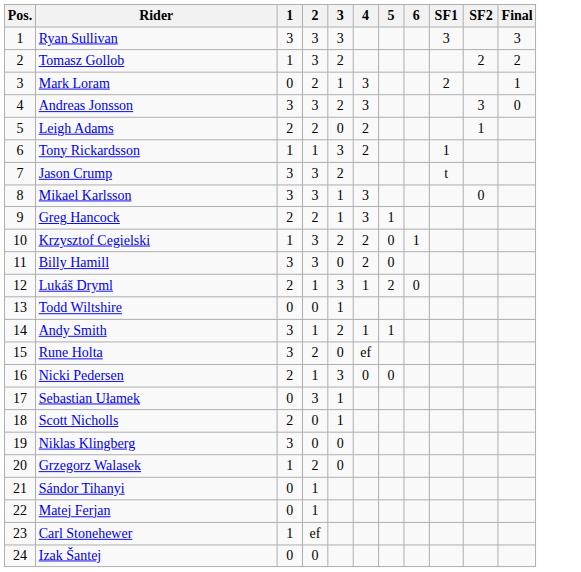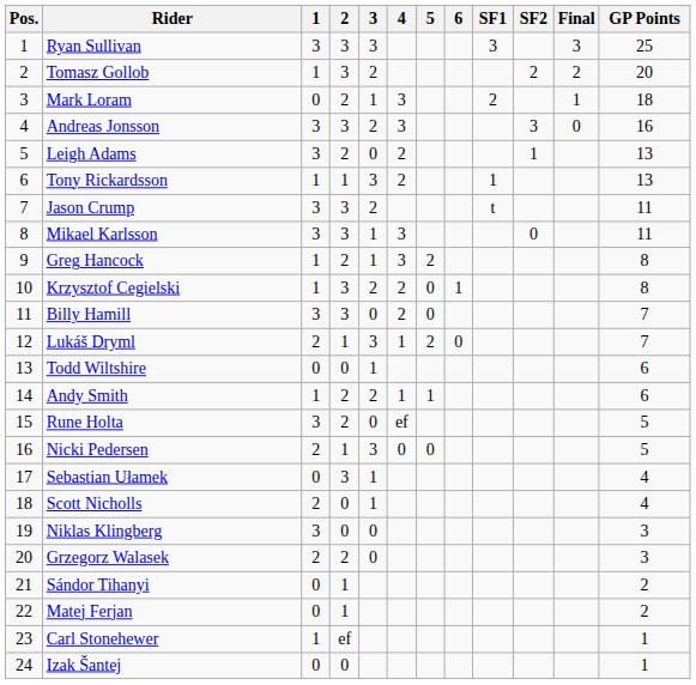 <table class=wikitable style="font-size:93%;">
 <tr>
 <th width=25px>Pos.</th>
 <th width=250px>Rider</th>
 <th width=20px>1</th>
 <th width=20px>2</th>
 <th width=20px>3</th>
 <th width=20px>4</th>
 <th width=20px>5</th>
 <th width=20px>6</th>
 <th width=30px>SF1</th>
 <th width=30px>SF2</th>
 <th width=30px>Final</th>
+<th width=80px>GP Points</th>
 </tr>
 <tr align=center style="background-color:">
 <td>1</td>
 <td align=left> <a href='#'>Ryan Sullivan</a></td>
 <td>3</td>
 <td>3</td>
 <td>3</td>
 <td></td>
 <td></td>
 <td></td>
 <td>  3</td>
 <td></td>
 <td>3</td>
+<td>25</td>
 </tr>
 <tr align=center style="background-color:">
 <td>2</td>
 <td align=left> <a href='#'>Tomasz Gollob</a></td>
 <td>1</td>
 <td>3</td>
 <td>2</td>
 <td></td>
 <td></td>
 <td></td>
 <td></td>
 <td>2</td>
 <td>2</td>
+<td>20</td>
 </tr>
 <tr align=center style="background-color:">
 <td>3</td>
 <td align=left> <a href='#'>Mark Loram</a></td>
 <td>0</td>
 <td>2</td>
 <td>1</td>
 <td>3</td>
 <td></td>
 <td></td>
 <td>2</td>
 <td></td>
 <td>1</td>
+<td>18</td>
 </tr>
 <tr align=center>
 <td>4</td>
 <td align=left> <a href='#'>Andreas Jonsson</a></td>
 <td>3</td>
 <td>3</td>
 <td>2</td>
 <td>3</td>
 <td></td>
 <td></td>
 <td></td>
 <td>3</td>
 <td>0</td>
+<td>16</td>
 </tr>
 <tr align=center>
 <td>5</td>
 <td align=left> <a href='#'>Leigh Adams</a></td>
-<td>2</td>
+<td>3</td>
 <td>2</td>
 <td>0</td>
 <td>2</td>
 <td></td>
 <td></td>
 <td></td>
 <td>1</td>
 <td></td>
+<td>13</td>
 </tr>
 <tr align=center>
 <td>6</td>
 <td align=left> <a href='#'>Tony Rickardsson</a></td>
 <td>1</td>
 <td>1</td>
 <td>3</td>
 <td>2</td>
 <td></td>
 <td></td>
 <td>1</td>
 <td></td>
 <td></td>
+<td>13</td>
 </tr>
 <tr align=center>
 <td>7</td>
 <td align=left> <a href='#'>Jason Crump</a></td>
 <td>3</td>
 <td>3</td>
 <td>2</td>
 <td></td>
 <td></td>
 <td></td>
 <td>t</td>
 <td></td>
 <td></td>
+<td>11</td>
 </tr>
 <tr align=center>
 <td>8</td>
 <td align=left> <a href='#'>Mikael Karlsson</a></td>
 <td>3</td>
 <td>3</td>
 <td>1</td>
 <td>3</td>
 <td></td>
 <td></td>
 <td></td>
 <td>0</td>
 <td></td>
+<td>11</td>
 </tr>
 <tr align=center>
 <td>9</td>
 <td align=left> <a href='#'>Greg Hancock</a></td>
-<td>2</td>
+<td>1</td>
 <td>2</td>
 <td>1</td>
 <td>3</td>
-<td>1</td>
+<td>2</td>
 <td></td>
 <td></td>
 <td></td>
 <td></td>
+<td>8</td>
 </tr>
 <tr align=center>
 <td>10</td>
 <td align=left> <a href='#'>Krzysztof Cegielski</a></td>
 <td>1</td>
 <td>3</td>
 <td>2</td>
 <td>2</td>
 <td>0</td>
 <td>1</td>
 <td></td>
 <td></td>
 <td></td>
+<td>8</td>
 </tr>
 <tr align=center>
 <td>11</td>
 <td align=left> <a href='#'>Billy Hamill</a></td>
 <td>3</td>
 <td>3</td>
 <td>0</td>
 <td>2</td>
 <td>0</td>
 <td></td>
 <td></td>
 <td></td>
 <td></td>
+<td>7</td>
 </tr>
 <tr align=center>
 <td>12</td>
 <td align=left> <a href='#'>Lukáš Dryml</a></td>
 <td>2</td>
 <td>1</td>
 <td>3</td>
 <td>1</td>
 <td>2</td>
 <td>0</td>
 <td></td>
 <td></td>
 <td></td>
+<td>7</td>
 </tr>
 <tr align=center>
 <td>13</td>
 <td align=left> <a href='#'>Todd Wiltshire</a></td>
 <td>0</td>
 <td>0</td>
 <td>1</td>
 <td></td>
 <td></td>
 <td></td>
 <td></td>
 <td></td>
 <td></td>
+<td>6</td>
 </tr>
 <tr align=center>
 <td>14</td>
 <td align=left> <a href='#'>Andy Smith</a></td>
-<td>3</td>
 <td>1</td>
+<td>2</td>
 <td>2</td>
 <td>1</td>
 <td>1</td>
 <td></td>
 <td></td>
 <td></td>
 <td></td>
+<td>6</td>
 </tr>
 <tr align=center>
 <td>15</td>
 <td align=left> <a href='#'>Rune Holta</a></td>
 <td>3</td>
 <td>2</td>
 <td>0</td>
 <td>ef</td>
 <td></td>
 <td></td>
 <td></td>
 <td></td>
 <td></td>
+<td>5</td>
 </tr>
 <tr align=center>
 <td>16</td>
 <td align=left> <a href='#'>Nicki Pedersen</a></td>
 <td>2</td>
 <td>1</td>
 <td>3</td>
 <td>0</td>
 <td>0</td>
 <td></td>
 <td></td>
 <td></td>
 <td></td>
+<td>5</td>
 </tr>
 <tr align=center>
 <td>17</td>
 <td align=left> <a href='#'>Sebastian Ułamek</a></td>
 <td>0</td>
 <td>3</td>
 <td>1</td>
 <td></td>
 <td></td>
 <td></td>
 <td></td>
 <td></td>
 <td></td>
+<td>4</td>
 </tr>
 <tr align=center>
 <td>18</td>
 <td align=left> <a href='#'>Scott Nicholls</a></td>
 <td>2</td>
 <td>0</td>
 <td>1</td>
 <td></td>
 <td></td>
 <td></td>
 <td></td>
 <td></td>
 <td></td>
+<td>4</td>
 </tr>
 <tr align=center>
 <td>19</td>
 <td align=left> <a href='#'>Niklas Klingberg</a></td>
 <td>3</td>
 <td>0</td>
 <td>0</td>
 <td></td>
 <td></td>
 <td></td>
 <td></td>
 <td></td>
 <td></td>
+<td>3</td>
 </tr>
 <tr align=center>
 <td>20</td>
 <td align=left> <a href='#'>Grzegorz Walasek</a></td>
-<td>1</td>
+<td>2</td>
 <td>2</td>
 <td>0</td>
 <td></td>
 <td></td>
 <td></td>
 <td></td>
 <td></td>
 <td></td>
+<td>3</td>
 </tr>
 <tr align=center>
 <td>21</td>
 <td align=left> <a href='#'>Sándor Tihanyi</a></td>
 <td>0</td>
 <td>1</td>
 <td></td>
 <td></td>
 <td></td>
 <td></td>
 <td></td>
 <td></td>
 <td></td>
+<td>2</td>
 </tr>
 <tr align=center>
 <td>22</td>
 <td align=left> <a href='#'>Matej Ferjan</a></td>
 <td>0</td>
 <td>1</td>
 <td></td>
 <td></td>
 <td></td>
 <td></td>
 <td></td>
 <td></td>
 <td></td>
+<td>2</td>
 </tr>
 <tr align=center>
 <td>23</td>
 <td align=left> <a href='#'>Carl Stonehewer</a></td>
 <td>1</td>
 <td>ef</td>
 <td></td>
 <td></td>
 <td></td>
 <td></td>
 <td></td>
 <td></td>
 <td></td>
+<td>1</td>
 </tr>
 <tr align=center>
 <td>24</td>
 <td align=left> <a href='#'>Izak Šantej</a></td>
 <td>0</td>
 <td>0</td>
 <td></td>
 <td></td>
 <td></td>
 <td></td>
 <td></td>
 <td></td>
 <td></td>
+<td>1</td>
 </tr>
 </table>
